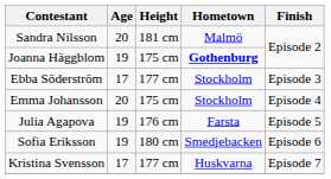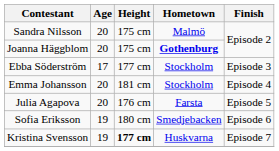 <table class="wikitable" style="text-align:center;">
 <tr>
 <th colspan="1">Contestant</th>
 <th colspan="1">Age</th>
 <th colspan="1">Height</th>
 <th colspan="1">Hometown</th>
 <th colspan="1">Finish</th>
 </tr>
 <tr>
 <td>Sandra Nilsson</td>
 <td>20</td>
-<td>181 cm</td>
+<td>175 cm</td>
 <td><a href='#'>Malmö</a></td>
 <td rowspan="2">Episode 2</td>
 </tr>
 <tr>
 <td>Joanna Häggblom</td>
-<td>19</td>
+<td>20</td>
 <td>175 cm</td>
 <td><strong><a href='#'>Gothenburg</a></strong></td>
 </tr>
 <tr>
 <td>Ebba Söderström</td>
 <td>17</td>
 <td>177 cm</td>
 <td><a href='#'>Stockholm</a></td>
 <td>Episode 3</td>
 </tr>
 <tr>
 <td>Emma Johansson</td>
 <td>20</td>
-<td>175 cm</td>
+<td>181 cm</td>
 <td><a href='#'>Stockholm</a></td>
 <td>Episode 4</td>
 </tr>
 <tr>
 <td>Julia Agapova</td>
-<td>19</td>
+<td>20</td>
 <td>176 cm</td>
 <td><a href='#'>Farsta</a></td>
 <td>Episode 5</td>
 </tr>
 <tr>
 <td>Sofia Eriksson</td>
 <td>19</td>
 <td>180 cm</td>
 <td><a href='#'>Smedjebacken</a></td>
 <td>Episode 6</td>
 </tr>
 <tr>
 <td>Kristina Svensson</td>
-<td>17</td>
-<td>177 cm</td>
+<td>19</td>
+<td><strong>177 cm</strong></td>
 <td><a href='#'>Huskvarna</a></td>
 <td>Episode 7</td>
 </tr>
 <tr>
 </tr>
 </table>
